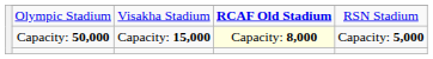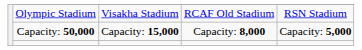 <table class="wikitable" style="margin:1em auto; text-align:center;">
 <tr>
 <th rowspan="5"></th>
 </tr>
 <tr>
 <td><a href='#'>Olympic Stadium</a></td>
 <td><a href='#'>Visakha Stadium</a></td>
-<td><strong><a href='#'>RCAF Old Stadium</a></strong></td>
+<td><a href='#'>RCAF Old Stadium</a></td>
 <td><a href='#'>RSN Stadium</a></td>
 </tr>
 <tr>
 <td>Capacity: <strong>50,000</strong></td>
 <td>Capacity: <strong>15,000</strong></td>
-<td style="background: lightyellow;">Capacity: <strong>8,000</strong></td>
+<td>Capacity: <strong>8,000</strong></td>
 <td>Capacity: <strong>5,000</strong></td>
 </tr>
 <tr>
 <td></td>
 <td></td>
 <td></td>
 <td></td>
 </tr>
 </table>
